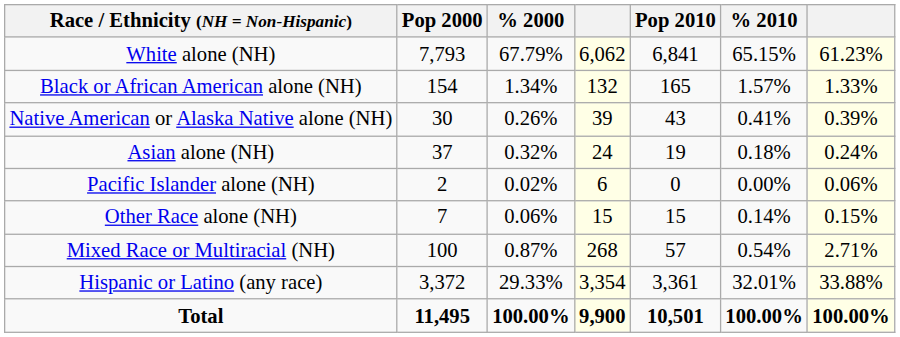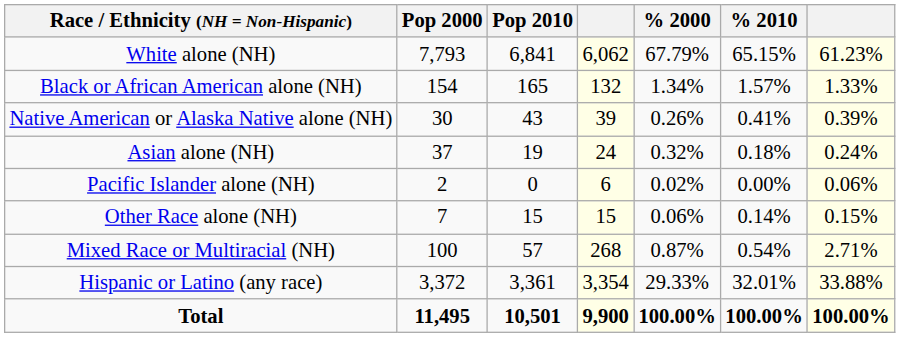 <table class="wikitable" style="text-align:center;">
 <tr>
 <th>Race / Ethnicity <small>(<em>NH = Non-Hispanic</em>)</small></th>
 <th>Pop 2000</th>
+<th>Pop 2010</th>
+<th></th>
 <th>% 2000</th>
-<th></th>
-<th>Pop 2010</th>
 <th>% 2010</th>
 <th></th>
 </tr>
 <tr>
 <td><a href='#'>White</a> alone (NH)</td>
 <td>7,793</td>
+<td>6,841</td>
+<td style='background: #ffffe6;'>6,062</td>
 <td>67.79%</td>
-<td style='background: #ffffe6;'>6,062</td>
-<td>6,841</td>
 <td>65.15%</td>
 <td style='background: #ffffe6;'>61.23%</td>
 </tr>
 <tr>
 <td><a href='#'>Black or African American</a> alone (NH)</td>
 <td>154</td>
+<td>165</td>
+<td style='background: #ffffe6;'>132</td>
 <td>1.34%</td>
-<td style='background: #ffffe6;'>132</td>
-<td>165</td>
 <td>1.57%</td>
 <td style='background: #ffffe6;'>1.33%</td>
 </tr>
 <tr>
 <td><a href='#'>Native American</a> or <a href='#'>Alaska Native</a> alone (NH)</td>
 <td>30</td>
+<td>43</td>
+<td style='background: #ffffe6;'>39</td>
 <td>0.26%</td>
-<td style='background: #ffffe6;'>39</td>
-<td>43</td>
 <td>0.41%</td>
 <td style='background: #ffffe6;'>0.39%</td>
 </tr>
 <tr>
 <td><a href='#'>Asian</a> alone (NH)</td>
 <td>37</td>
+<td>19</td>
+<td style='background: #ffffe6;'>24</td>
 <td>0.32%</td>
-<td style='background: #ffffe6;'>24</td>
-<td>19</td>
 <td>0.18%</td>
 <td style='background: #ffffe6;'>0.24%</td>
 </tr>
 <tr>
 <td><a href='#'>Pacific Islander</a> alone (NH)</td>
 <td>2</td>
+<td>0</td>
+<td style='background: #ffffe6;'>6</td>
 <td>0.02%</td>
-<td style='background: #ffffe6;'>6</td>
-<td>0</td>
 <td>0.00%</td>
 <td style='background: #ffffe6;'>0.06%</td>
 </tr>
 <tr>
 <td><a href='#'>Other Race</a> alone (NH)</td>
 <td>7</td>
+<td>15</td>
+<td style='background: #ffffe6;'>15</td>
 <td>0.06%</td>
-<td style='background: #ffffe6;'>15</td>
-<td>15</td>
 <td>0.14%</td>
 <td style='background: #ffffe6;'>0.15%</td>
 </tr>
 <tr>
 <td><a href='#'>Mixed Race or Multiracial</a> (NH)</td>
 <td>100</td>
+<td>57</td>
+<td style='background: #ffffe6;'>268</td>
 <td>0.87%</td>
-<td style='background: #ffffe6;'>268</td>
-<td>57</td>
 <td>0.54%</td>
 <td style='background: #ffffe6;'>2.71%</td>
 </tr>
 <tr>
 <td><a href='#'>Hispanic or Latino</a> (any race)</td>
 <td>3,372</td>
+<td>3,361</td>
+<td style='background: #ffffe6;'>3,354</td>
 <td>29.33%</td>
-<td style='background: #ffffe6;'>3,354</td>
-<td>3,361</td>
 <td>32.01%</td>
 <td style='background: #ffffe6;'>33.88%</td>
 </tr>
 <tr>
 <td><strong>Total</strong></td>
 <td><strong>11,495</strong></td>
+<td><strong>10,501</strong></td>
+<td style='background: #ffffe6;'><strong>9,900</strong></td>
 <td><strong>100.00%</strong></td>
-<td style='background: #ffffe6;'><strong>9,900</strong></td>
-<td><strong>10,501</strong></td>
 <td><strong>100.00%</strong></td>
 <td style='background: #ffffe6;'><strong>100.00%</strong></td>
 </tr>
 </table>
